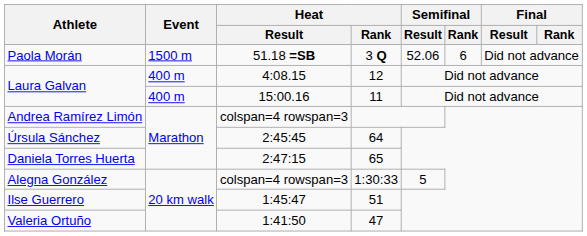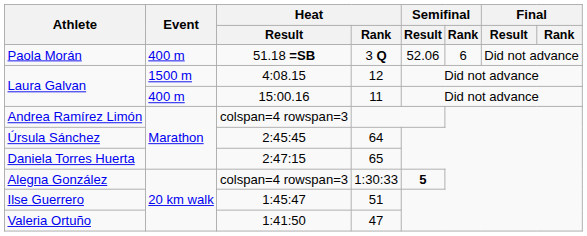 <table class="wikitable" style="font-size:90%">
 <tr>
 <th rowspan="2">Athlete</th>
 <th rowspan="2">Event</th>
 <th colspan="2">Heat</th>
 <th colspan="2">Semifinal</th>
 <th colspan="2">Final</th>
 </tr>
 <tr style="font-size:95%">
 <th>Result</th>
 <th>Rank</th>
 <th>Result</th>
 <th>Rank</th>
 <th>Result</th>
 <th>Rank</th>
 </tr>
 <tr align=center>
 <td align=left><a href='#'>Paola Morán</a></td>
-<td align=left><a href='#'>1500 m</a></td>
+<td align=left><a href='#'>400 m</a></td>
 <td>51.18 <strong>=SB</strong></td>
 <td>3 <strong>Q</strong></td>
 <td>52.06</td>
 <td>6</td>
 <td colspan="2">Did not advance</td>
 </tr>
 <tr align=center>
 <td rowspan="2" align="left"><a href='#'>Laura Galvan</a></td>
-<td align=left><a href='#'>400 m</a></td>
+<td align=left><a href='#'>1500 m</a></td>
 <td>4:08.15</td>
 <td>12</td>
 <td colspan="4">Did not advance</td>
 </tr>
 <tr align=center>
 <td align=left><a href='#'>400 m</a></td>
 <td>15:00.16</td>
 <td>11</td>
 <td colspan="4">Did not advance</td>
 </tr>
 <tr align=center>
 <td align=left><a href='#'>Andrea Ramírez Limón</a></td>
 <td align=left rowspan=3><a href='#'>Marathon</a></td>
 <td>colspan=4 rowspan=3 </td>
 <td colspan=2></td>
 </tr>
 <tr align=center>
 <td align=left><a href='#'>Úrsula Sánchez</a></td>
 <td>2:45:45</td>
 <td>64</td>
 </tr>
 <tr align=center>
 <td align=left><a href='#'>Daniela Torres Huerta</a></td>
 <td>2:47:15</td>
 <td>65</td>
 </tr>
 <tr align=center>
 <td align=left><a href='#'>Alegna González</a></td>
 <td align=left rowspan=3><a href='#'>20 km walk</a></td>
 <td>colspan=4 rowspan=3 </td>
 <td>1:30:33</td>
-<td>5</td>
+<td><strong>5</strong></td>
 </tr>
 <tr align=center>
 <td align=left><a href='#'>Ilse Guerrero</a></td>
 <td>1:45:47</td>
 <td>51</td>
 </tr>
 <tr align=center>
 <td align=left><a href='#'>Valeria Ortuño</a></td>
 <td>1:41:50</td>
 <td>47</td>
 </tr>
 </table>
